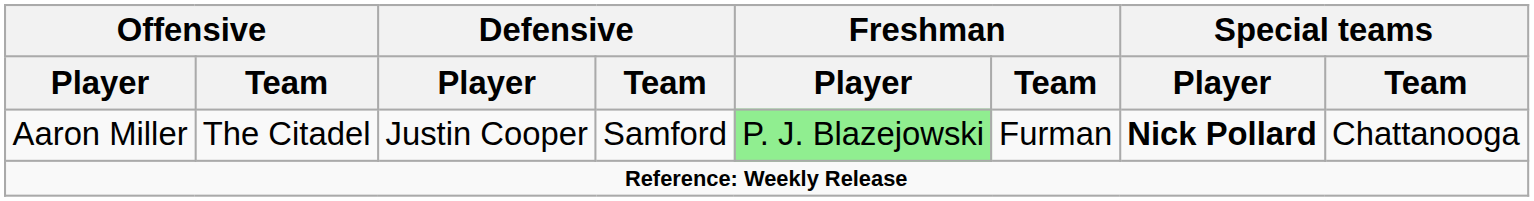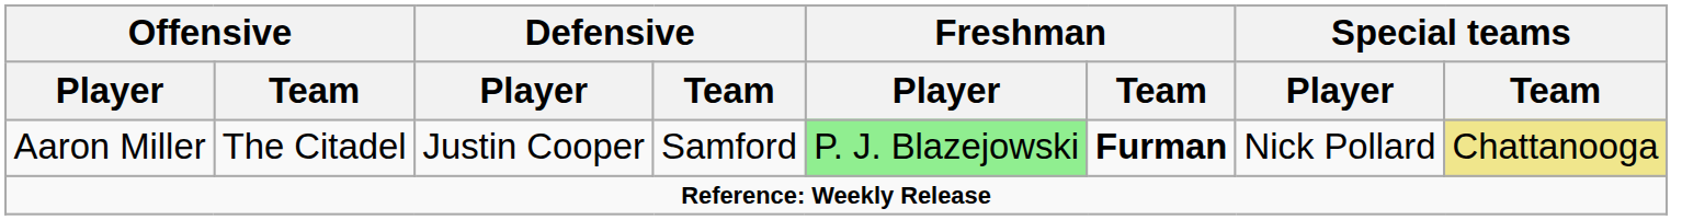 <table class="wikitable" border="1">
 <tr>
 <th colspan="2">Offensive</th>
 <th colspan="2">Defensive</th>
 <th colspan="2">Freshman</th>
 <th colspan="2">Special teams</th>
 </tr>
 <tr>
 <th>Player</th>
 <th>Team</th>
 <th>Player</th>
 <th>Team</th>
 <th>Player</th>
 <th>Team</th>
 <th>Player</th>
 <th>Team</th>
 </tr>
 <tr>
 <td>Aaron Miller</td>
 <td>The Citadel</td>
 <td>Justin Cooper</td>
 <td>Samford</td>
 <td style="background: lightgreen;">P. J. Blazejowski</td>
-<td>Furman</td>
-<td><strong>Nick Pollard</strong></td>
-<td>Chattanooga</td>
+<td><strong>Furman</strong></td>
+<td>Nick Pollard</td>
+<td style="background: khaki;">Chattanooga</td>
 </tr>
 <tr>
 <td colspan="8" style="font-size: 8pt" align="center"><strong>Reference: Weekly Release</strong></td>
 </tr>
 </table>
